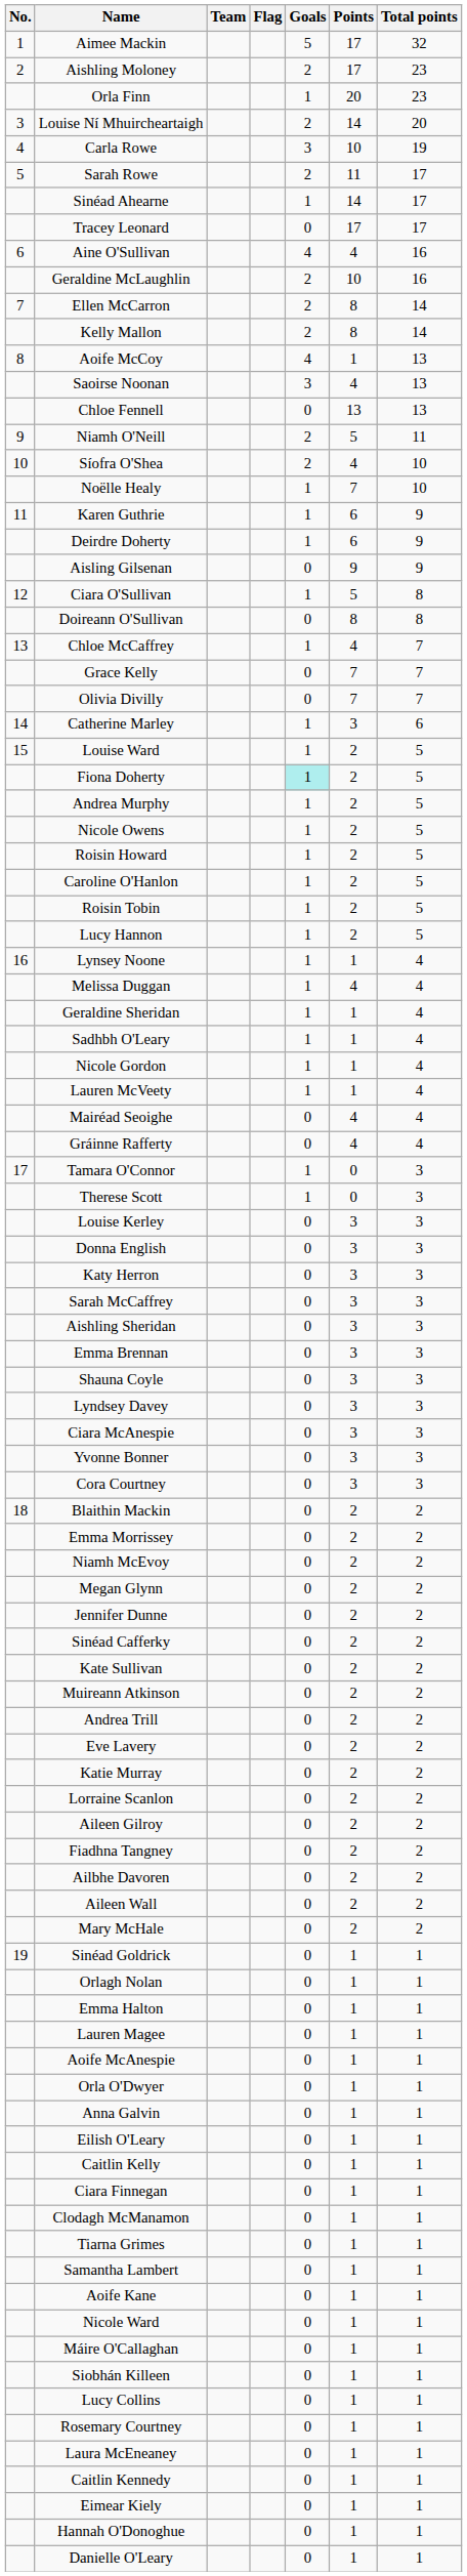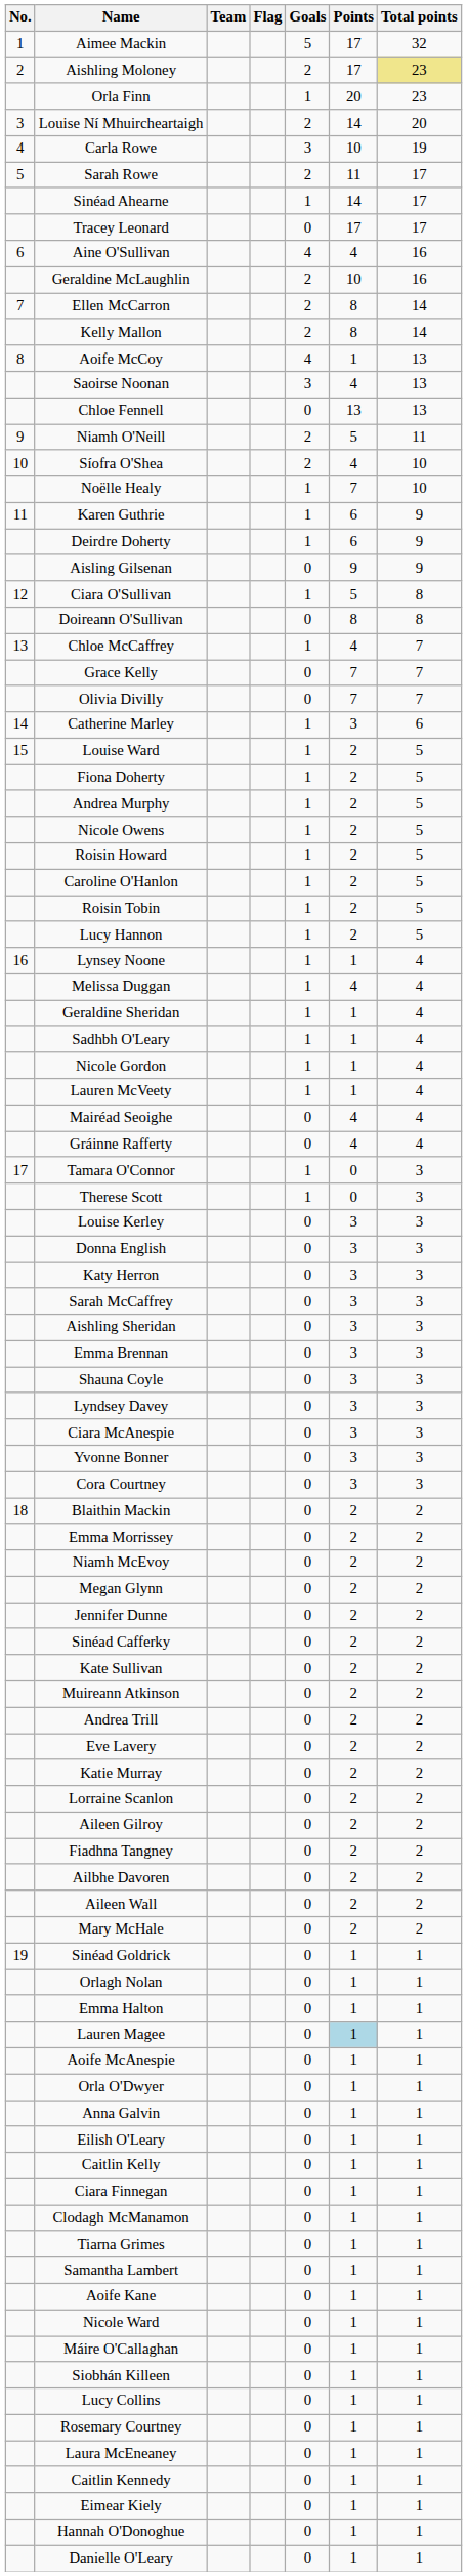 <table class="wikitable sortable mw-collapsible mw-collapsed" style="font-size:12px; text-align:center; float:center; margin:0.10em 0 1em 1em;">
 <tr>
 <th>No.</th>
 <th>Name</th>
 <th>Team</th>
 <th>Flag</th>
 <th>Goals</th>
 <th>Points</th>
 <th>Total points</th>
 </tr>
 <tr>
 <td>1</td>
 <td>Aimee Mackin</td>
 <td></td>
 <td></td>
 <td>5</td>
 <td>17</td>
 <td>32</td>
 </tr>
 <tr>
 <td>2</td>
 <td>Aishling Moloney</td>
 <td></td>
 <td></td>
 <td>2</td>
 <td>17</td>
-<td>23</td>
+<td style="background: khaki;">23</td>
 </tr>
 <tr>
 <td></td>
 <td>Orla Finn</td>
 <td></td>
 <td></td>
 <td>1</td>
 <td>20</td>
 <td>23</td>
 </tr>
 <tr>
 <td>3</td>
 <td>Louise Ní Mhuircheartaigh</td>
 <td></td>
 <td></td>
 <td>2</td>
 <td>14</td>
 <td>20</td>
 </tr>
 <tr>
 <td>4</td>
 <td>Carla Rowe</td>
 <td></td>
 <td></td>
 <td>3</td>
 <td>10</td>
 <td>19</td>
 </tr>
 <tr>
 <td>5</td>
 <td>Sarah Rowe</td>
 <td></td>
 <td></td>
 <td>2</td>
 <td>11</td>
 <td>17</td>
 </tr>
 <tr>
 <td></td>
 <td>Sinéad Ahearne</td>
 <td></td>
 <td></td>
 <td>1</td>
 <td>14</td>
 <td>17</td>
 </tr>
 <tr>
 <td></td>
 <td>Tracey Leonard</td>
 <td></td>
 <td></td>
 <td>0</td>
 <td>17</td>
 <td>17</td>
 </tr>
 <tr>
 <td>6</td>
 <td>Aine O'Sullivan</td>
 <td></td>
 <td></td>
 <td>4</td>
 <td>4</td>
 <td>16</td>
 </tr>
 <tr>
 <td></td>
 <td>Geraldine McLaughlin</td>
 <td></td>
 <td></td>
 <td>2</td>
 <td>10</td>
 <td>16</td>
 </tr>
 <tr>
 <td>7</td>
 <td>Ellen McCarron</td>
 <td></td>
 <td></td>
 <td>2</td>
 <td>8</td>
 <td>14</td>
 </tr>
 <tr>
 <td></td>
 <td>Kelly Mallon</td>
 <td></td>
 <td></td>
 <td>2</td>
 <td>8</td>
 <td>14</td>
 </tr>
 <tr>
 <td>8</td>
 <td>Aoife McCoy</td>
 <td></td>
 <td></td>
 <td>4</td>
 <td>1</td>
 <td>13</td>
 </tr>
 <tr>
 <td></td>
 <td>Saoirse Noonan</td>
 <td></td>
 <td></td>
 <td>3</td>
 <td>4</td>
 <td>13</td>
 </tr>
 <tr>
 <td></td>
 <td>Chloe Fennell</td>
 <td></td>
 <td></td>
 <td>0</td>
 <td>13</td>
 <td>13</td>
 </tr>
 <tr>
 <td>9</td>
 <td>Niamh O'Neill</td>
 <td></td>
 <td></td>
 <td>2</td>
 <td>5</td>
 <td>11</td>
 </tr>
 <tr>
 <td>10</td>
 <td>Síofra O'Shea</td>
 <td></td>
 <td></td>
 <td>2</td>
 <td>4</td>
 <td>10</td>
 </tr>
 <tr>
 <td></td>
 <td>Noëlle Healy</td>
 <td></td>
 <td></td>
 <td>1</td>
 <td>7</td>
 <td>10</td>
 </tr>
 <tr>
 <td>11</td>
 <td>Karen Guthrie</td>
 <td></td>
 <td></td>
 <td>1</td>
 <td>6</td>
 <td>9</td>
 </tr>
 <tr>
 <td></td>
 <td>Deirdre Doherty</td>
 <td></td>
 <td></td>
 <td>1</td>
 <td>6</td>
 <td>9</td>
 </tr>
 <tr>
 <td></td>
 <td>Aisling Gilsenan</td>
 <td></td>
 <td></td>
 <td>0</td>
 <td>9</td>
 <td>9</td>
 </tr>
 <tr>
 <td>12</td>
 <td>Ciara O'Sullivan</td>
 <td></td>
 <td></td>
 <td>1</td>
 <td>5</td>
 <td>8</td>
 </tr>
 <tr>
 <td></td>
 <td>Doireann O'Sullivan</td>
 <td></td>
 <td></td>
 <td>0</td>
 <td>8</td>
 <td>8</td>
 </tr>
 <tr>
 <td>13</td>
 <td>Chloe McCaffrey</td>
 <td></td>
 <td></td>
 <td>1</td>
 <td>4</td>
 <td>7</td>
 </tr>
 <tr>
 <td></td>
 <td>Grace Kelly</td>
 <td></td>
 <td></td>
 <td>0</td>
 <td>7</td>
 <td>7</td>
 </tr>
 <tr>
 <td></td>
 <td>Olivia Divilly</td>
 <td></td>
 <td></td>
 <td>0</td>
 <td>7</td>
 <td>7</td>
 </tr>
 <tr>
 <td>14</td>
 <td>Catherine Marley</td>
 <td></td>
 <td></td>
 <td>1</td>
 <td>3</td>
 <td>6</td>
 </tr>
 <tr>
 <td>15</td>
 <td>Louise Ward</td>
 <td></td>
 <td></td>
 <td>1</td>
 <td>2</td>
 <td>5</td>
 </tr>
 <tr>
 <td></td>
 <td>Fiona Doherty</td>
 <td></td>
 <td></td>
-<td style="background: paleturquoise;">1</td>
+<td>1</td>
 <td>2</td>
 <td>5</td>
 </tr>
 <tr>
 <td></td>
 <td>Andrea Murphy</td>
 <td></td>
 <td></td>
 <td>1</td>
 <td>2</td>
 <td>5</td>
 </tr>
 <tr>
 <td></td>
 <td>Nicole Owens</td>
 <td></td>
 <td></td>
 <td>1</td>
 <td>2</td>
 <td>5</td>
 </tr>
 <tr>
 <td></td>
 <td>Roisin Howard</td>
 <td></td>
 <td></td>
 <td>1</td>
 <td>2</td>
 <td>5</td>
 </tr>
 <tr>
 <td></td>
 <td>Caroline O'Hanlon</td>
 <td></td>
 <td></td>
 <td>1</td>
 <td>2</td>
 <td>5</td>
 </tr>
 <tr>
 <td></td>
 <td>Roisin Tobin</td>
 <td></td>
 <td></td>
 <td>1</td>
 <td>2</td>
 <td>5</td>
 </tr>
 <tr>
 <td></td>
 <td>Lucy Hannon</td>
 <td></td>
 <td></td>
 <td>1</td>
 <td>2</td>
 <td>5</td>
 </tr>
 <tr>
 <td>16</td>
 <td>Lynsey Noone</td>
 <td></td>
 <td></td>
 <td>1</td>
 <td>1</td>
 <td>4</td>
 </tr>
 <tr>
 <td></td>
 <td>Melissa Duggan</td>
 <td></td>
 <td></td>
 <td>1</td>
 <td>4</td>
 <td>4</td>
 </tr>
 <tr>
 <td></td>
 <td>Geraldine Sheridan</td>
 <td></td>
 <td></td>
 <td>1</td>
 <td>1</td>
 <td>4</td>
 </tr>
 <tr>
 <td></td>
 <td>Sadhbh O'Leary</td>
 <td></td>
 <td></td>
 <td>1</td>
 <td>1</td>
 <td>4</td>
 </tr>
 <tr>
 <td></td>
 <td>Nicole Gordon</td>
 <td></td>
 <td></td>
 <td>1</td>
 <td>1</td>
 <td>4</td>
 </tr>
 <tr>
 <td></td>
 <td>Lauren McVeety</td>
 <td></td>
 <td></td>
 <td>1</td>
 <td>1</td>
 <td>4</td>
 </tr>
 <tr>
 <td></td>
 <td>Mairéad Seoighe</td>
 <td></td>
 <td></td>
 <td>0</td>
 <td>4</td>
 <td>4</td>
 </tr>
 <tr>
 <td></td>
 <td>Gráinne Rafferty</td>
 <td></td>
 <td></td>
 <td>0</td>
 <td>4</td>
 <td>4</td>
 </tr>
 <tr>
 <td>17</td>
 <td>Tamara O'Connor</td>
 <td></td>
 <td></td>
 <td>1</td>
 <td>0</td>
 <td>3</td>
 </tr>
 <tr>
 <td></td>
 <td>Therese Scott</td>
 <td></td>
 <td></td>
 <td>1</td>
 <td>0</td>
 <td>3</td>
 </tr>
 <tr>
 <td></td>
 <td>Louise Kerley</td>
 <td></td>
 <td></td>
 <td>0</td>
 <td>3</td>
 <td>3</td>
 </tr>
 <tr>
 <td></td>
 <td>Donna English</td>
 <td></td>
 <td></td>
 <td>0</td>
 <td>3</td>
 <td>3</td>
 </tr>
 <tr>
 <td></td>
 <td>Katy Herron</td>
 <td></td>
 <td></td>
 <td>0</td>
 <td>3</td>
 <td>3</td>
 </tr>
 <tr>
 <td></td>
 <td>Sarah McCaffrey</td>
 <td></td>
 <td></td>
 <td>0</td>
 <td>3</td>
 <td>3</td>
 </tr>
 <tr>
 <td></td>
 <td>Aishling Sheridan</td>
 <td></td>
 <td></td>
 <td>0</td>
 <td>3</td>
 <td>3</td>
 </tr>
 <tr>
 <td></td>
 <td>Emma Brennan</td>
 <td></td>
 <td></td>
 <td>0</td>
 <td>3</td>
 <td>3</td>
 </tr>
 <tr>
 <td></td>
 <td>Shauna Coyle</td>
 <td></td>
 <td></td>
 <td>0</td>
 <td>3</td>
 <td>3</td>
 </tr>
 <tr>
 <td></td>
 <td>Lyndsey Davey</td>
 <td></td>
 <td></td>
 <td>0</td>
 <td>3</td>
 <td>3</td>
 </tr>
 <tr>
 <td></td>
 <td>Ciara McAnespie</td>
 <td></td>
 <td></td>
 <td>0</td>
 <td>3</td>
 <td>3</td>
 </tr>
 <tr>
 <td></td>
 <td>Yvonne Bonner</td>
 <td></td>
 <td></td>
 <td>0</td>
 <td>3</td>
 <td>3</td>
 </tr>
 <tr>
 <td></td>
 <td>Cora Courtney</td>
 <td></td>
 <td></td>
 <td>0</td>
 <td>3</td>
 <td>3</td>
 </tr>
 <tr>
 <td>18</td>
 <td>Blaithin Mackin</td>
 <td></td>
 <td></td>
 <td>0</td>
 <td>2</td>
 <td>2</td>
 </tr>
 <tr>
 <td></td>
 <td>Emma Morrissey</td>
 <td></td>
 <td></td>
 <td>0</td>
 <td>2</td>
 <td>2</td>
 </tr>
 <tr>
 <td></td>
 <td>Niamh McEvoy</td>
 <td></td>
 <td></td>
 <td>0</td>
 <td>2</td>
 <td>2</td>
 </tr>
 <tr>
 <td></td>
 <td>Megan Glynn</td>
 <td></td>
 <td></td>
 <td>0</td>
 <td>2</td>
 <td>2</td>
 </tr>
 <tr>
 <td></td>
 <td>Jennifer Dunne</td>
 <td></td>
 <td></td>
 <td>0</td>
 <td>2</td>
 <td>2</td>
 </tr>
 <tr>
 <td></td>
 <td>Sinéad Cafferky</td>
 <td></td>
 <td></td>
 <td>0</td>
 <td>2</td>
 <td>2</td>
 </tr>
 <tr>
 <td></td>
 <td>Kate Sullivan</td>
 <td></td>
 <td></td>
 <td>0</td>
 <td>2</td>
 <td>2</td>
 </tr>
 <tr>
 <td></td>
 <td>Muireann Atkinson</td>
 <td></td>
 <td></td>
 <td>0</td>
 <td>2</td>
 <td>2</td>
 </tr>
 <tr>
 <td></td>
 <td>Andrea Trill</td>
 <td></td>
 <td></td>
 <td>0</td>
 <td>2</td>
 <td>2</td>
 </tr>
 <tr>
 <td></td>
 <td>Eve Lavery</td>
 <td></td>
 <td></td>
 <td>0</td>
 <td>2</td>
 <td>2</td>
 </tr>
 <tr>
 <td></td>
 <td>Katie Murray</td>
 <td></td>
 <td></td>
 <td>0</td>
 <td>2</td>
 <td>2</td>
 </tr>
 <tr>
 <td></td>
 <td>Lorraine Scanlon</td>
 <td></td>
 <td></td>
 <td>0</td>
 <td>2</td>
 <td>2</td>
 </tr>
 <tr>
 <td></td>
 <td>Aileen Gilroy</td>
 <td></td>
 <td></td>
 <td>0</td>
 <td>2</td>
 <td>2</td>
 </tr>
 <tr>
 <td></td>
 <td>Fiadhna Tangney</td>
 <td></td>
 <td></td>
 <td>0</td>
 <td>2</td>
 <td>2</td>
 </tr>
 <tr>
 <td></td>
 <td>Ailbhe Davoren</td>
 <td></td>
 <td></td>
 <td>0</td>
 <td>2</td>
 <td>2</td>
 </tr>
 <tr>
 <td></td>
 <td>Aileen Wall</td>
 <td></td>
 <td></td>
 <td>0</td>
 <td>2</td>
 <td>2</td>
 </tr>
 <tr>
 <td></td>
 <td>Mary McHale</td>
 <td></td>
 <td></td>
 <td>0</td>
 <td>2</td>
 <td>2</td>
 </tr>
 <tr>
 <td>19</td>
 <td>Sinéad Goldrick</td>
 <td></td>
 <td></td>
 <td>0</td>
 <td>1</td>
 <td>1</td>
 </tr>
 <tr>
 <td></td>
 <td>Orlagh Nolan</td>
 <td></td>
 <td></td>
 <td>0</td>
 <td>1</td>
 <td>1</td>
 </tr>
 <tr>
 <td></td>
 <td>Emma Halton</td>
 <td></td>
 <td></td>
 <td>0</td>
 <td>1</td>
 <td>1</td>
 </tr>
 <tr>
 <td></td>
 <td>Lauren Magee</td>
 <td></td>
 <td></td>
 <td>0</td>
-<td>1</td>
+<td style="background: lightblue;">1</td>
 <td>1</td>
 </tr>
 <tr>
 <td></td>
 <td>Aoife McAnespie</td>
 <td></td>
 <td></td>
 <td>0</td>
 <td>1</td>
 <td>1</td>
 </tr>
 <tr>
 <td></td>
 <td>Orla O'Dwyer</td>
 <td></td>
 <td></td>
 <td>0</td>
 <td>1</td>
 <td>1</td>
 </tr>
 <tr>
 <td></td>
 <td>Anna Galvin</td>
 <td></td>
 <td></td>
 <td>0</td>
 <td>1</td>
 <td>1</td>
 </tr>
 <tr>
 <td></td>
 <td>Eilish O'Leary</td>
 <td></td>
 <td></td>
 <td>0</td>
 <td>1</td>
 <td>1</td>
 </tr>
 <tr>
 <td></td>
 <td>Caitlin Kelly</td>
 <td></td>
 <td></td>
 <td>0</td>
 <td>1</td>
 <td>1</td>
 </tr>
 <tr>
 <td></td>
 <td>Ciara Finnegan</td>
 <td></td>
 <td></td>
 <td>0</td>
 <td>1</td>
 <td>1</td>
 </tr>
 <tr>
 <td></td>
 <td>Clodagh McManamon</td>
 <td></td>
 <td></td>
 <td>0</td>
 <td>1</td>
 <td>1</td>
 </tr>
 <tr>
 <td></td>
 <td>Tiarna Grimes</td>
 <td></td>
 <td></td>
 <td>0</td>
 <td>1</td>
 <td>1</td>
 </tr>
 <tr>
 <td></td>
 <td>Samantha Lambert</td>
 <td></td>
 <td></td>
 <td>0</td>
 <td>1</td>
 <td>1</td>
 </tr>
 <tr>
 <td></td>
 <td>Aoife Kane</td>
 <td></td>
 <td></td>
 <td>0</td>
 <td>1</td>
 <td>1</td>
 </tr>
 <tr>
 <td></td>
 <td>Nicole Ward</td>
 <td></td>
 <td></td>
 <td>0</td>
 <td>1</td>
 <td>1</td>
 </tr>
 <tr>
 <td></td>
 <td>Máire O'Callaghan</td>
 <td></td>
 <td></td>
 <td>0</td>
 <td>1</td>
 <td>1</td>
 </tr>
 <tr>
 <td></td>
 <td>Siobhán Killeen</td>
 <td></td>
 <td></td>
 <td>0</td>
 <td>1</td>
 <td>1</td>
 </tr>
 <tr>
 <td></td>
 <td>Lucy Collins</td>
 <td></td>
 <td></td>
 <td>0</td>
 <td>1</td>
 <td>1</td>
 </tr>
 <tr>
 <td></td>
 <td>Rosemary Courtney</td>
 <td></td>
 <td></td>
 <td>0</td>
 <td>1</td>
 <td>1</td>
 </tr>
 <tr>
 <td></td>
 <td>Laura McEneaney</td>
 <td></td>
 <td></td>
 <td>0</td>
 <td>1</td>
 <td>1</td>
 </tr>
 <tr>
 <td></td>
 <td>Caitlin Kennedy</td>
 <td></td>
 <td></td>
 <td>0</td>
 <td>1</td>
 <td>1</td>
 </tr>
 <tr>
 <td></td>
 <td>Eimear Kiely</td>
 <td></td>
 <td></td>
 <td>0</td>
 <td>1</td>
 <td>1</td>
 </tr>
 <tr>
 <td></td>
 <td>Hannah O'Donoghue</td>
 <td></td>
 <td></td>
 <td>0</td>
 <td>1</td>
 <td>1</td>
 </tr>
 <tr>
 <td></td>
 <td>Danielle O'Leary</td>
 <td></td>
 <td></td>
 <td>0</td>
 <td>1</td>
 <td>1</td>
 </tr>
 </table>
